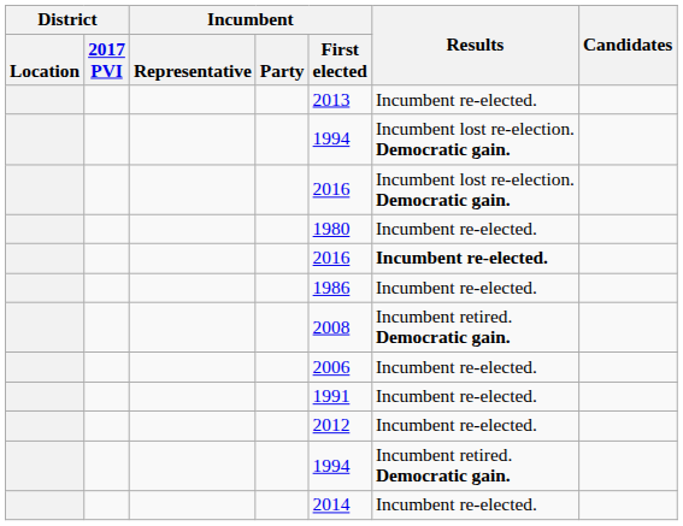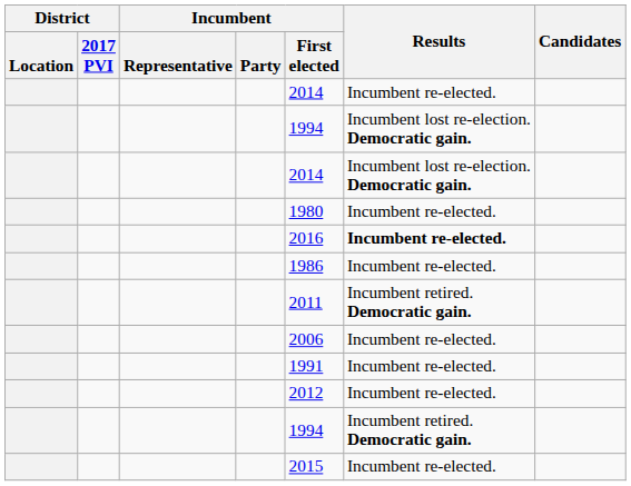 <table class="wikitable sortable">
 <tr>
 <th colspan=2>District</th>
 <th colspan=3>Incumbent</th>
 <th rowspan=2>Results</th>
 <th rowspan=2>Candidates</th>
 </tr>
 <tr valign=bottom>
 <th>Location</th>
 <th><a href='#'>2017<br>PVI</a></th>
 <th>Representative</th>
 <th>Party</th>
 <th>First<br>elected</th>
 </tr>
 <tr>
 <th></th>
 <td></td>
 <td></td>
 <td></td>
-<td><a href='#'>2013</a></td>
+<td><a href='#'>2014</a></td>
 <td>Incumbent re-elected.</td>
 <td nowrap><br></td>
 </tr>
 <tr>
 <th></th>
 <td></td>
 <td></td>
 <td></td>
 <td><a href='#'>1994</a></td>
 <td>Incumbent lost re-election.<br><strong>Democratic gain.</strong></td>
 <td nowrap><br></td>
 </tr>
 <tr>
 <th></th>
 <td></td>
 <td></td>
 <td></td>
-<td><a href='#'>2016</a></td>
+<td><a href='#'>2014</a></td>
 <td>Incumbent lost re-election.<br><strong>Democratic gain.</strong></td>
 <td nowrap></td>
 </tr>
 <tr>
 <th></th>
 <td></td>
 <td></td>
 <td></td>
 <td><a href='#'>1980</a></td>
 <td>Incumbent re-elected.</td>
 <td nowrap><br></td>
 </tr>
 <tr>
 <th></th>
 <td></td>
 <td></td>
 <td></td>
 <td><a href='#'>2016</a></td>
 <td><strong>Incumbent re-elected.</strong></td>
 <td nowrap><br></td>
 </tr>
 <tr>
 <th></th>
 <td></td>
 <td></td>
 <td></td>
 <td><a href='#'>1986</a></td>
 <td>Incumbent re-elected.</td>
 <td nowrap></td>
 </tr>
 <tr>
 <th></th>
 <td></td>
 <td></td>
 <td></td>
-<td><a href='#'>2008</a></td>
+<td><a href='#'>2011</a></td>
 <td>Incumbent retired.<br><strong>Democratic gain.</strong></td>
 <td nowrap></td>
 </tr>
 <tr>
 <th></th>
 <td></td>
 <td></td>
 <td></td>
 <td><a href='#'>2006</a></td>
 <td>Incumbent re-elected.</td>
 <td nowrap></td>
 </tr>
 <tr>
 <th></th>
 <td></td>
 <td></td>
 <td></td>
 <td><a href='#'>1991</a></td>
 <td>Incumbent re-elected.</td>
 <td nowrap></td>
 </tr>
 <tr>
 <th></th>
 <td></td>
 <td></td>
 <td></td>
 <td><a href='#'>2012 </a></td>
 <td>Incumbent re-elected.</td>
 <td nowrap></td>
 </tr>
 <tr>
 <th></th>
 <td></td>
 <td></td>
 <td></td>
 <td><a href='#'>1994</a></td>
 <td>Incumbent retired.<br><strong>Democratic gain.</strong></td>
 <td nowrap></td>
 </tr>
 <tr>
 <th></th>
 <td></td>
 <td></td>
 <td></td>
-<td><a href='#'>2014</a></td>
+<td><a href='#'>2015</a></td>
 <td>Incumbent re-elected.</td>
 <td nowrap></td>
 </tr>
 </table>
